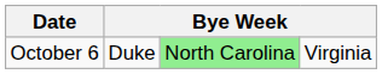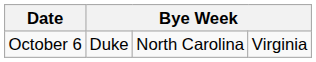 <table class="wikitable" style="font-size:95%;">
 <tr>
 <th>Date</th>
 <th colspan="3">Bye Week</th>
 </tr>
 <tr>
 <td>October 6</td>
 <td>Duke</td>
-<td style="background: lightgreen;">North Carolina</td>
+<td>North Carolina</td>
 <td>Virginia</td>
 </tr>
 </table>
